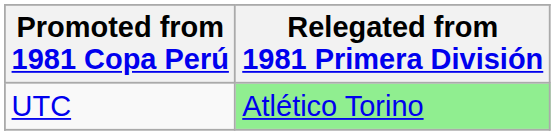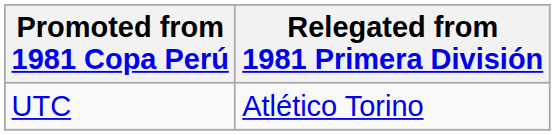 <table class="wikitable">
 <tr>
 <th>Promoted from<br><a href='#'>1981 Copa Perú</a></th>
 <th>Relegated from<br><a href='#'>1981 Primera División</a></th>
 </tr>
 <tr>
 <td> <a href='#'>UTC</a> </td>
-<td style="background: lightgreen;"> <a href='#'>Atlético Torino</a> </td>
+<td> <a href='#'>Atlético Torino</a> </td>
 </tr>
 </table>
